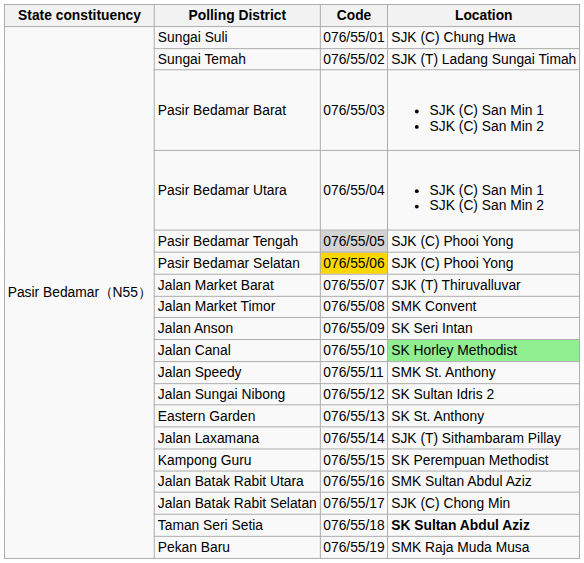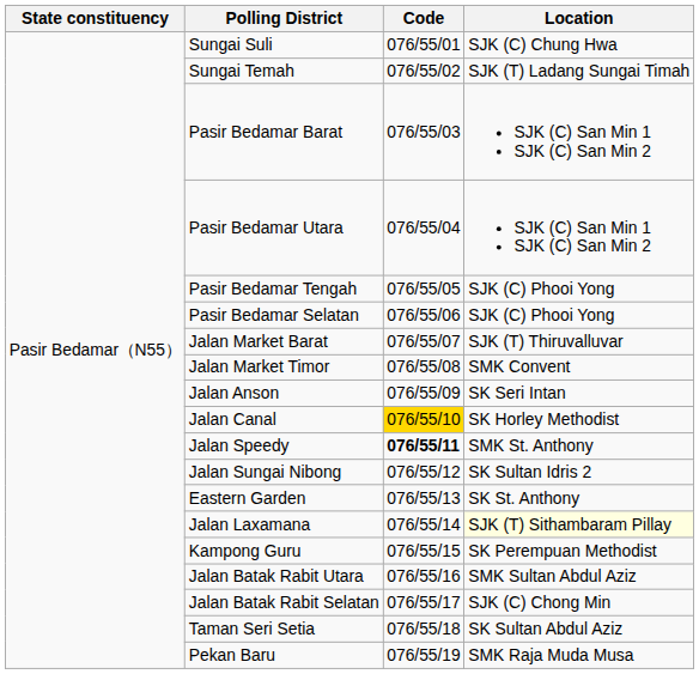 <table class="wikitable sortable mw-collapsible" style="white-space:nowrap;font-size:90%">
 <tr>
 <th>State constituency</th>
 <th>Polling District</th>
 <th>Code</th>
 <th>Location</th>
 </tr>
 <tr>
 <td rowspan="19">Pasir Bedamar（N55）</td>
 <td>Sungai Suli</td>
 <td>076/55/01</td>
 <td>SJK (C) Chung Hwa</td>
 </tr>
 <tr>
 <td>Sungai Temah</td>
 <td>076/55/02</td>
 <td>SJK (T) Ladang Sungai Timah</td>
 </tr>
 <tr>
 <td>Pasir Bedamar Barat</td>
 <td>076/55/03</td>
 <td><br><ul><li>SJK (C) San Min 1</li><li>SJK (C) San Min 2</li></ul></td>
 </tr>
 <tr>
 <td>Pasir Bedamar Utara</td>
 <td>076/55/04</td>
 <td><br><ul><li>SJK (C) San Min 1</li><li>SJK (C) San Min 2</li></ul></td>
 </tr>
 <tr>
 <td>Pasir Bedamar Tengah</td>
-<td style="background: lightgrey;">076/55/05</td>
+<td>076/55/05</td>
 <td>SJK (C) Phooi Yong</td>
 </tr>
 <tr>
 <td>Pasir Bedamar Selatan</td>
-<td style="background: gold;">076/55/06</td>
+<td>076/55/06</td>
 <td>SJK (C) Phooi Yong</td>
 </tr>
 <tr>
 <td>Jalan Market Barat</td>
 <td>076/55/07</td>
 <td>SJK (T) Thiruvalluvar</td>
 </tr>
 <tr>
 <td>Jalan Market Timor</td>
 <td>076/55/08</td>
 <td>SMK Convent</td>
 </tr>
 <tr>
 <td>Jalan Anson</td>
 <td>076/55/09</td>
 <td>SK Seri Intan</td>
 </tr>
 <tr>
 <td>Jalan Canal</td>
-<td>076/55/10</td>
-<td style="background: lightgreen;">SK Horley Methodist</td>
+<td style="background: gold;">076/55/10</td>
+<td>SK Horley Methodist</td>
 </tr>
 <tr>
 <td>Jalan Speedy</td>
-<td>076/55/11</td>
+<td><strong>076/55/11</strong></td>
 <td>SMK St. Anthony</td>
 </tr>
 <tr>
 <td>Jalan Sungai Nibong</td>
 <td>076/55/12</td>
 <td>SK Sultan Idris 2</td>
 </tr>
 <tr>
 <td>Eastern Garden</td>
 <td>076/55/13</td>
 <td>SK St. Anthony</td>
 </tr>
 <tr>
 <td>Jalan Laxamana</td>
 <td>076/55/14</td>
-<td>SJK (T) Sithambaram Pillay</td>
+<td style="background: lightyellow;">SJK (T) Sithambaram Pillay</td>
 </tr>
 <tr>
 <td>Kampong Guru</td>
 <td>076/55/15</td>
 <td>SK Perempuan Methodist</td>
 </tr>
 <tr>
 <td>Jalan Batak Rabit Utara</td>
 <td>076/55/16</td>
 <td>SMK Sultan Abdul Aziz</td>
 </tr>
 <tr>
 <td>Jalan Batak Rabit Selatan</td>
 <td>076/55/17</td>
 <td>SJK (C) Chong Min</td>
 </tr>
 <tr>
 <td>Taman Seri Setia</td>
 <td>076/55/18</td>
-<td><strong>SK Sultan Abdul Aziz</strong></td>
+<td>SK Sultan Abdul Aziz</td>
 </tr>
 <tr>
 <td>Pekan Baru</td>
 <td>076/55/19</td>
 <td>SMK Raja Muda Musa</td>
 </tr>
 </table>
